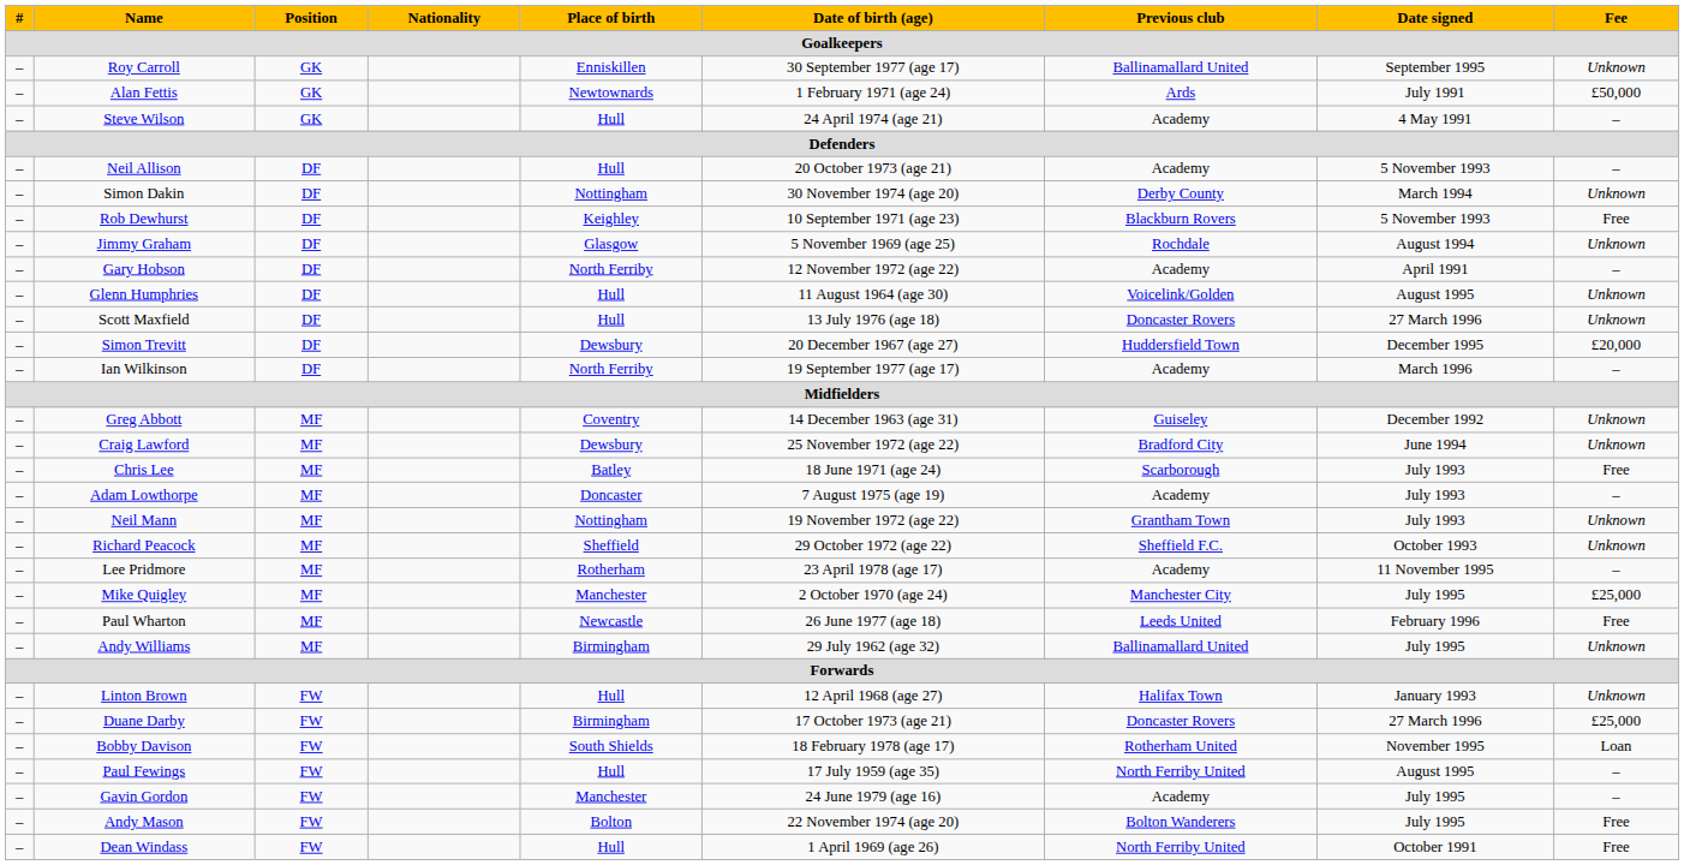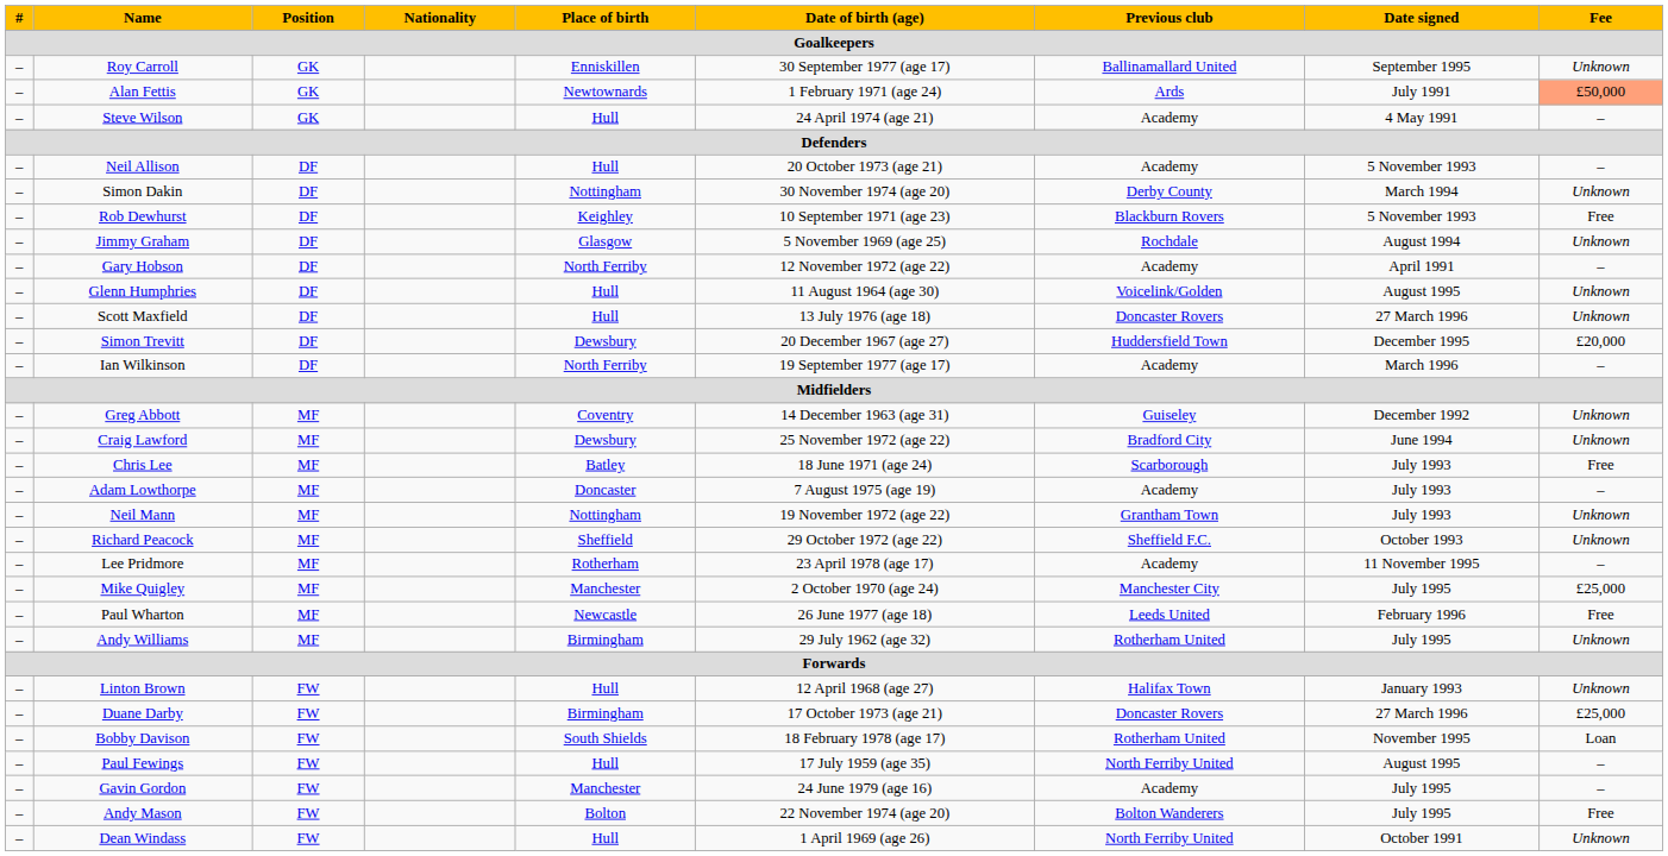 <table class="wikitable" style="text-align:center; font-size:90%; width:100%;">
 <tr>
 <th style="background:#ffbf00; color:#000000; text-align:center;">#</th>
 <th style="background:#ffbf00; color:#000000; text-align:center;">Name</th>
 <th style="background:#ffbf00; color:#000000; text-align:center;">Position</th>
 <th style="background:#ffbf00; color:#000000; text-align:center;">Nationality</th>
 <th style="background:#ffbf00; color:#000000; text-align:center;">Place of birth</th>
 <th style="background:#ffbf00; color:#000000; text-align:center;">Date of birth (age)</th>
 <th style="background:#ffbf00; color:#000000; text-align:center;">Previous club</th>
 <th style="background:#ffbf00; color:#000000; text-align:center;">Date signed</th>
 <th style="background:#ffbf00; color:#000000; text-align:center;">Fee</th>
 </tr>
 <tr>
 <th colspan="14" style="background:#dcdcdc; tepxt-align:center;">Goalkeepers</th>
 </tr>
 <tr>
 <td>–</td>
 <td><a href='#'>Roy Carroll</a></td>
 <td><a href='#'>GK</a></td>
 <td></td>
 <td><a href='#'>Enniskillen</a></td>
 <td>30 September 1977 (age 17)</td>
 <td> <a href='#'>Ballinamallard United</a></td>
 <td>September 1995</td>
 <td><em>Unknown</em></td>
 </tr>
 <tr>
 <td>–</td>
 <td><a href='#'>Alan Fettis</a></td>
 <td><a href='#'>GK</a></td>
 <td></td>
 <td><a href='#'>Newtownards</a></td>
 <td>1 February 1971 (age 24)</td>
 <td> <a href='#'>Ards</a></td>
 <td>July 1991</td>
-<td>£50,000</td>
+<td style="background: lightsalmon;">£50,000</td>
 </tr>
 <tr>
 <td>–</td>
 <td><a href='#'>Steve Wilson</a></td>
 <td><a href='#'>GK</a></td>
 <td></td>
 <td><a href='#'>Hull</a></td>
 <td>24 April 1974 (age 21)</td>
 <td>Academy</td>
 <td>4 May 1991</td>
 <td>–</td>
 </tr>
 <tr>
 <th colspan="14" style="background:#dcdcdc; tepxt-align:center;">Defenders</th>
 </tr>
 <tr>
 <td>–</td>
 <td><a href='#'>Neil Allison</a></td>
 <td><a href='#'>DF</a></td>
 <td></td>
 <td><a href='#'>Hull</a></td>
 <td>20 October 1973 (age 21)</td>
 <td>Academy</td>
 <td>5 November 1993</td>
 <td>–</td>
 </tr>
 <tr>
 <td>–</td>
 <td>Simon Dakin</td>
 <td><a href='#'>DF</a></td>
 <td></td>
 <td><a href='#'>Nottingham</a></td>
 <td>30 November 1974 (age 20)</td>
 <td><a href='#'>Derby County</a></td>
 <td>March 1994</td>
 <td><em>Unknown</em></td>
 </tr>
 <tr>
 <td>–</td>
 <td><a href='#'>Rob Dewhurst</a></td>
 <td><a href='#'>DF</a></td>
 <td></td>
 <td><a href='#'>Keighley</a></td>
 <td>10 September 1971 (age 23)</td>
 <td><a href='#'>Blackburn Rovers</a></td>
 <td>5 November 1993</td>
 <td>Free</td>
 </tr>
 <tr>
 <td>–</td>
 <td><a href='#'>Jimmy Graham</a></td>
 <td><a href='#'>DF</a></td>
 <td></td>
 <td><a href='#'>Glasgow</a></td>
 <td>5 November 1969 (age 25)</td>
 <td><a href='#'>Rochdale</a></td>
 <td>August 1994</td>
 <td><em>Unknown</em></td>
 </tr>
 <tr>
 <td>–</td>
 <td><a href='#'>Gary Hobson</a></td>
 <td><a href='#'>DF</a></td>
 <td></td>
 <td><a href='#'>North Ferriby</a></td>
 <td>12 November 1972 (age 22)</td>
 <td>Academy</td>
 <td>April 1991</td>
 <td>–</td>
 </tr>
 <tr>
 <td>–</td>
 <td><a href='#'>Glenn Humphries</a></td>
 <td><a href='#'>DF</a></td>
 <td></td>
 <td><a href='#'>Hull</a></td>
 <td>11 August 1964 (age 30)</td>
 <td> <a href='#'>Voicelink/Golden</a></td>
 <td>August 1995</td>
 <td><em>Unknown</em></td>
 </tr>
 <tr>
 <td>–</td>
 <td>Scott Maxfield</td>
 <td><a href='#'>DF</a></td>
 <td></td>
 <td><a href='#'>Hull</a></td>
 <td>13 July 1976 (age 18)</td>
 <td><a href='#'>Doncaster Rovers</a></td>
 <td>27 March 1996</td>
 <td><em>Unknown</em></td>
 </tr>
 <tr>
 <td>–</td>
 <td><a href='#'>Simon Trevitt</a></td>
 <td><a href='#'>DF</a></td>
 <td></td>
 <td><a href='#'>Dewsbury</a></td>
 <td>20 December 1967 (age 27)</td>
 <td><a href='#'>Huddersfield Town</a></td>
 <td>December 1995</td>
 <td>£20,000</td>
 </tr>
 <tr>
 <td>–</td>
 <td>Ian Wilkinson</td>
 <td><a href='#'>DF</a></td>
 <td></td>
 <td><a href='#'>North Ferriby</a></td>
 <td>19 September 1977 (age 17)</td>
 <td>Academy</td>
 <td>March 1996</td>
 <td>–</td>
 </tr>
 <tr>
 <th colspan="14" style="background:#dcdcdc; tepxt-align:center;">Midfielders</th>
 </tr>
 <tr>
 <td>–</td>
 <td><a href='#'>Greg Abbott</a></td>
 <td><a href='#'>MF</a></td>
 <td></td>
 <td><a href='#'>Coventry</a></td>
 <td>14 December 1963 (age 31)</td>
 <td><a href='#'>Guiseley</a></td>
 <td>December 1992</td>
 <td><em>Unknown</em></td>
 </tr>
 <tr>
 <td>–</td>
 <td><a href='#'>Craig Lawford</a></td>
 <td><a href='#'>MF</a></td>
 <td></td>
 <td><a href='#'>Dewsbury</a></td>
 <td>25 November 1972 (age 22)</td>
 <td><a href='#'>Bradford City</a></td>
 <td>June 1994</td>
 <td><em>Unknown</em></td>
 </tr>
 <tr>
 <td>–</td>
 <td><a href='#'>Chris Lee</a></td>
 <td><a href='#'>MF</a></td>
 <td></td>
 <td><a href='#'>Batley</a></td>
 <td>18 June 1971 (age 24)</td>
 <td><a href='#'>Scarborough</a></td>
 <td>July 1993</td>
 <td>Free</td>
 </tr>
 <tr>
 <td>–</td>
 <td><a href='#'>Adam Lowthorpe</a></td>
 <td><a href='#'>MF</a></td>
 <td></td>
 <td><a href='#'>Doncaster</a></td>
 <td>7 August 1975 (age 19)</td>
 <td>Academy</td>
 <td>July 1993</td>
 <td>–</td>
 </tr>
 <tr>
 <td>–</td>
 <td><a href='#'>Neil Mann</a></td>
 <td><a href='#'>MF</a></td>
 <td></td>
 <td> <a href='#'>Nottingham</a></td>
 <td>19 November 1972 (age 22)</td>
 <td><a href='#'>Grantham Town</a></td>
 <td>July 1993</td>
 <td><em>Unknown</em></td>
 </tr>
 <tr>
 <td>–</td>
 <td><a href='#'>Richard Peacock</a></td>
 <td><a href='#'>MF</a></td>
 <td></td>
 <td><a href='#'>Sheffield</a></td>
 <td>29 October 1972 (age 22)</td>
 <td><a href='#'>Sheffield F.C.</a></td>
 <td>October 1993</td>
 <td><em>Unknown</em></td>
 </tr>
 <tr>
 <td>–</td>
 <td>Lee Pridmore</td>
 <td><a href='#'>MF</a></td>
 <td></td>
 <td><a href='#'>Rotherham</a></td>
 <td>23 April 1978 (age 17)</td>
 <td>Academy</td>
 <td>11 November 1995</td>
 <td>–</td>
 </tr>
 <tr>
 <td>–</td>
 <td><a href='#'>Mike Quigley</a></td>
 <td><a href='#'>MF</a></td>
 <td></td>
 <td><a href='#'>Manchester</a></td>
 <td>2 October 1970 (age 24)</td>
 <td><a href='#'>Manchester City</a></td>
 <td>July 1995</td>
 <td>£25,000</td>
 </tr>
 <tr>
 <td>–</td>
 <td>Paul Wharton</td>
 <td><a href='#'>MF</a></td>
 <td></td>
 <td><a href='#'>Newcastle</a></td>
 <td>26 June 1977 (age 18)</td>
 <td><a href='#'>Leeds United</a></td>
 <td>February 1996</td>
 <td>Free</td>
 </tr>
 <tr>
 <td>–</td>
 <td><a href='#'>Andy Williams</a></td>
 <td><a href='#'>MF</a></td>
 <td></td>
 <td><a href='#'>Birmingham</a></td>
 <td>29 July 1962 (age 32)</td>
-<td> <a href='#'>Ballinamallard United</a></td>
+<td><a href='#'>Rotherham United</a></td>
 <td>July 1995</td>
 <td><em>Unknown</em></td>
 </tr>
 <tr>
 <th colspan="14" style="background:#dcdcdc; tepxt-align:center;">Forwards</th>
 </tr>
 <tr>
 <td>–</td>
 <td><a href='#'>Linton Brown</a></td>
 <td><a href='#'>FW</a></td>
 <td></td>
 <td><a href='#'>Hull</a></td>
 <td>12 April 1968 (age 27)</td>
 <td><a href='#'>Halifax Town</a></td>
 <td>January 1993</td>
 <td><em>Unknown</em></td>
 </tr>
 <tr>
 <td>–</td>
 <td><a href='#'>Duane Darby</a></td>
 <td><a href='#'>FW</a></td>
 <td></td>
 <td><a href='#'>Birmingham</a></td>
 <td>17 October 1973 (age 21)</td>
 <td><a href='#'>Doncaster Rovers</a></td>
 <td>27 March 1996</td>
 <td>£25,000</td>
 </tr>
 <tr>
 <td>–</td>
 <td><a href='#'>Bobby Davison</a></td>
 <td><a href='#'>FW</a></td>
 <td></td>
 <td><a href='#'>South Shields</a></td>
 <td>18 February 1978 (age 17)</td>
 <td><a href='#'>Rotherham United</a></td>
 <td>November 1995</td>
 <td>Loan</td>
 </tr>
 <tr>
 <td>–</td>
 <td><a href='#'>Paul Fewings</a></td>
 <td><a href='#'>FW</a></td>
 <td></td>
 <td><a href='#'>Hull</a></td>
 <td>17 July 1959 (age 35)</td>
 <td><a href='#'>North Ferriby United</a></td>
 <td>August 1995</td>
 <td>–</td>
 </tr>
 <tr>
 <td>–</td>
 <td><a href='#'>Gavin Gordon</a></td>
 <td><a href='#'>FW</a></td>
 <td></td>
 <td><a href='#'>Manchester</a></td>
 <td>24 June 1979 (age 16)</td>
 <td>Academy</td>
 <td>July 1995</td>
 <td>–</td>
 </tr>
 <tr>
 <td>–</td>
 <td><a href='#'>Andy Mason</a></td>
 <td><a href='#'>FW</a></td>
 <td></td>
 <td><a href='#'>Bolton</a></td>
 <td>22 November 1974 (age 20)</td>
 <td><a href='#'>Bolton Wanderers</a></td>
 <td>July 1995</td>
 <td>Free</td>
 </tr>
 <tr>
 <td>–</td>
 <td><a href='#'>Dean Windass</a></td>
 <td><a href='#'>FW</a></td>
 <td></td>
 <td><a href='#'>Hull</a></td>
 <td>1 April 1969 (age 26)</td>
 <td><a href='#'>North Ferriby United</a></td>
 <td>October 1991</td>
-<td>Free</td>
+<td><em>Unknown</em></td>
 </tr>
 </table>
